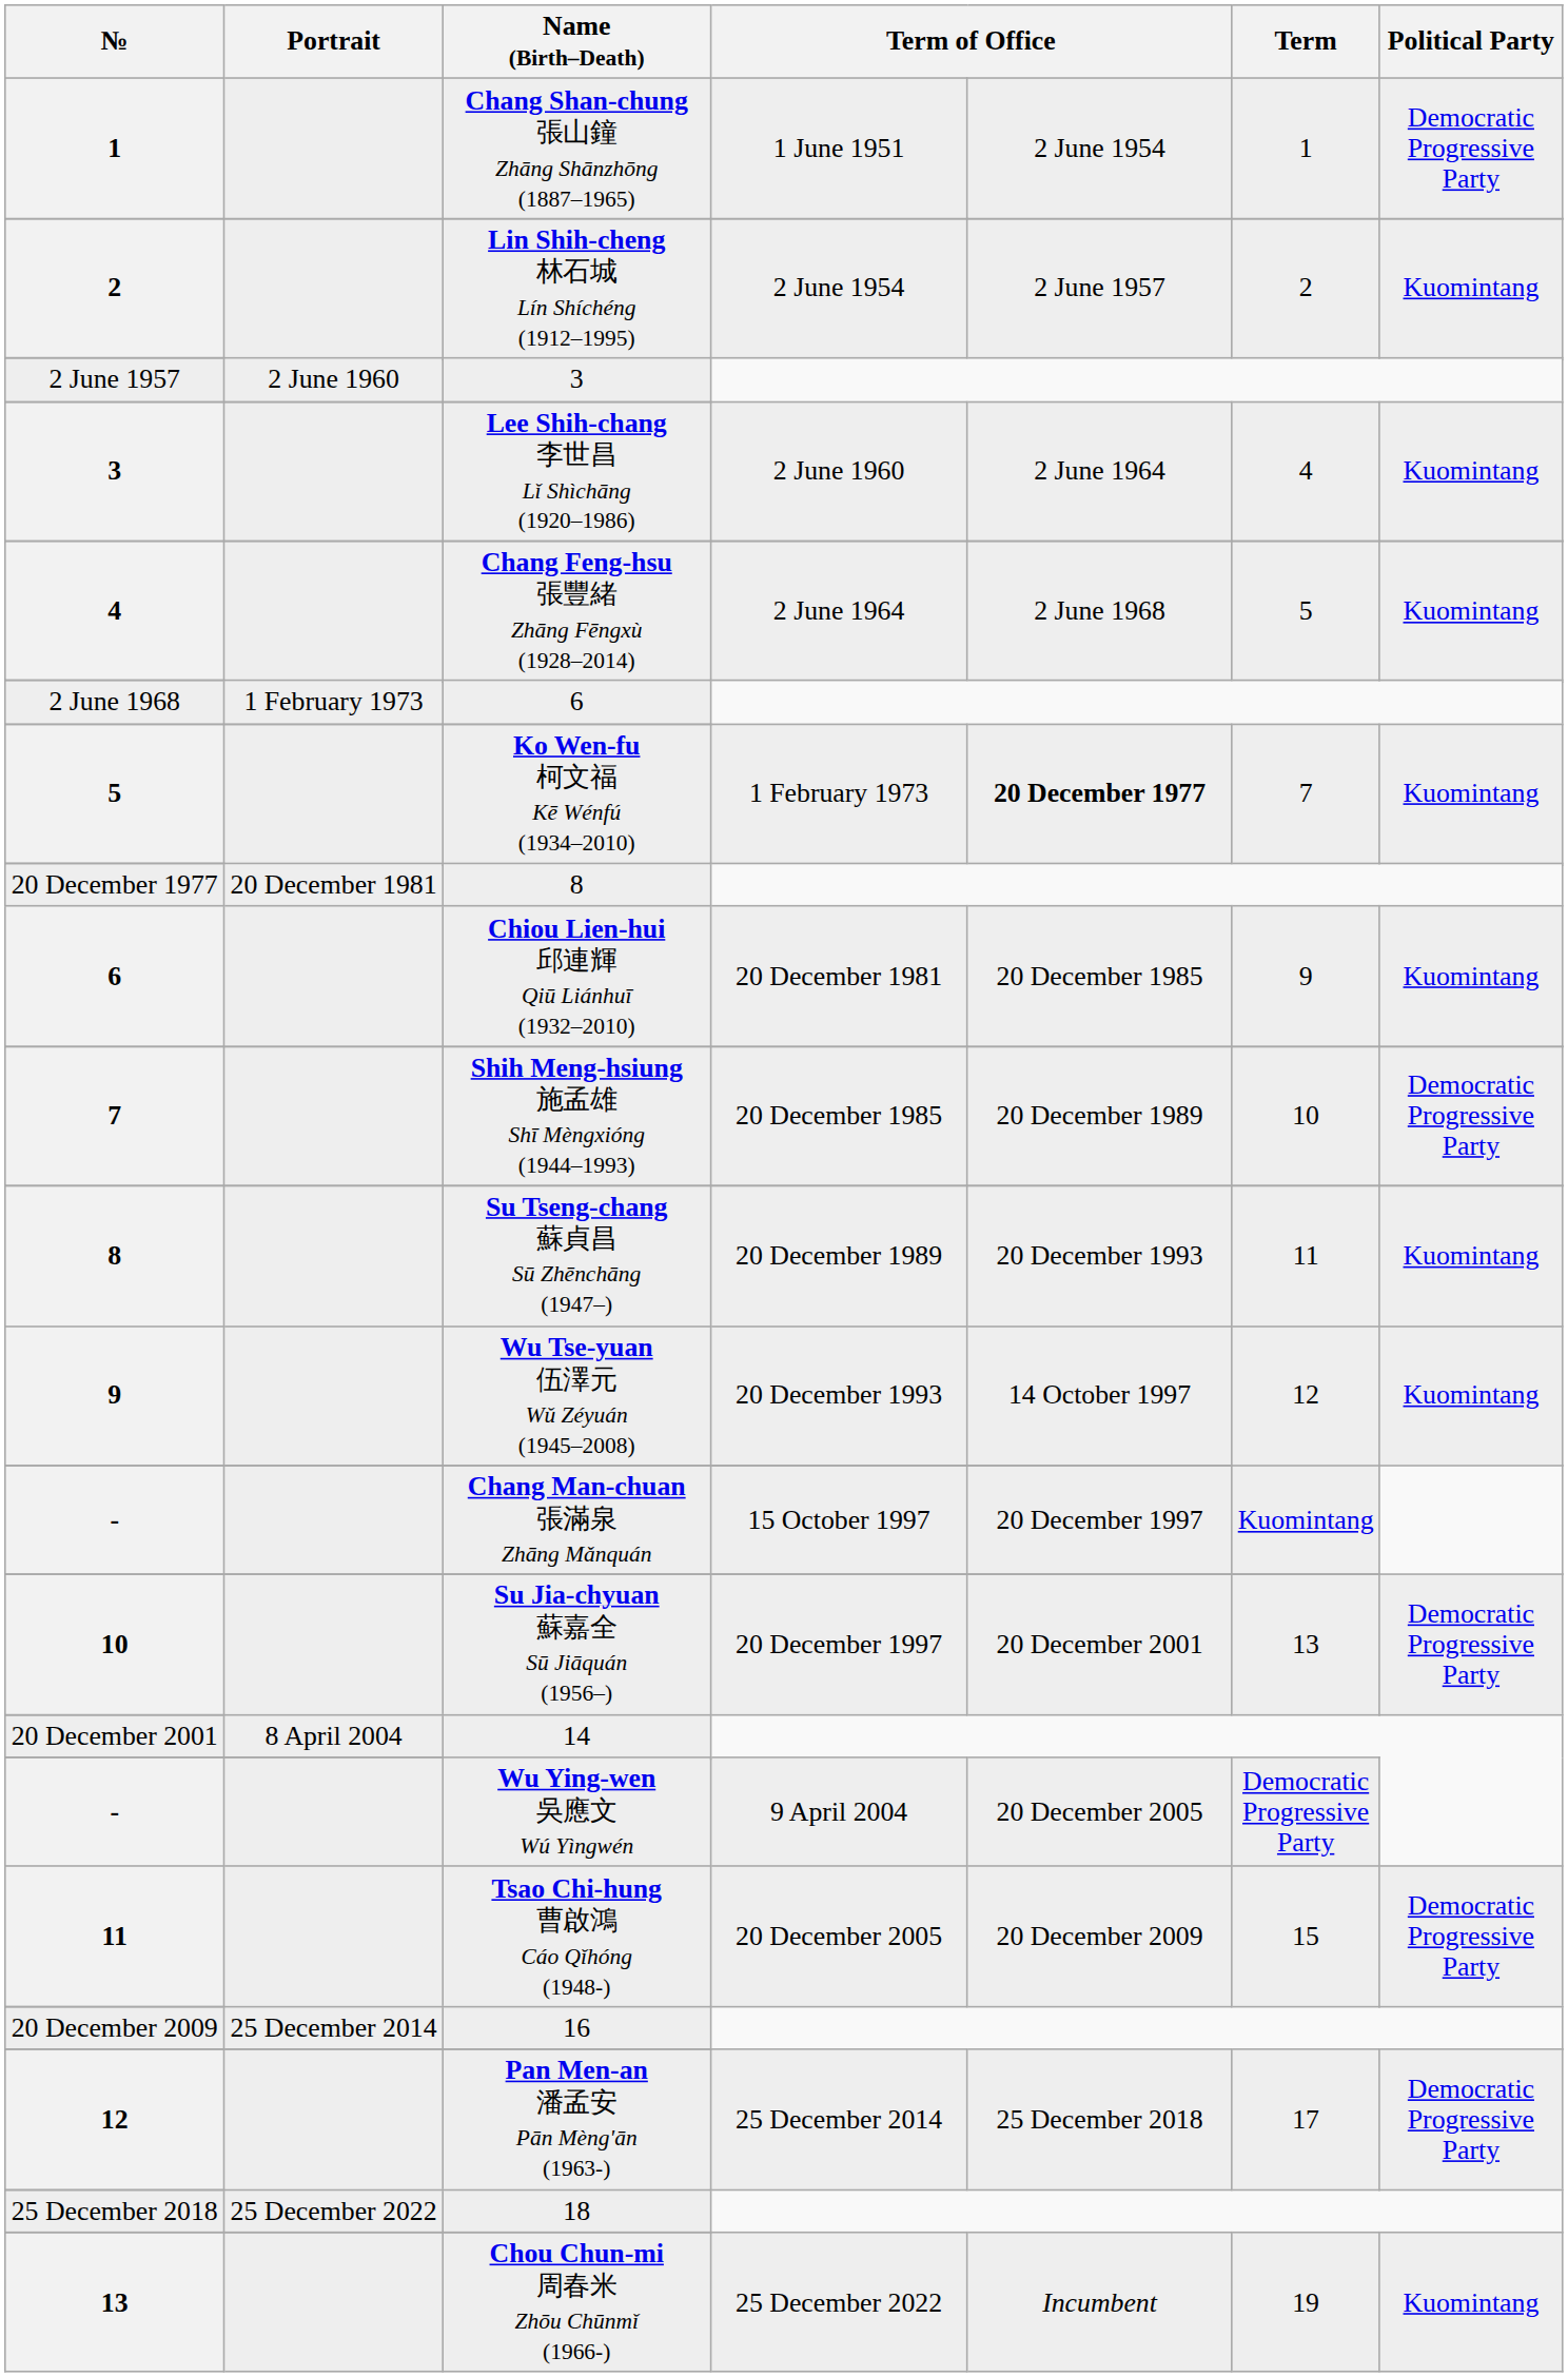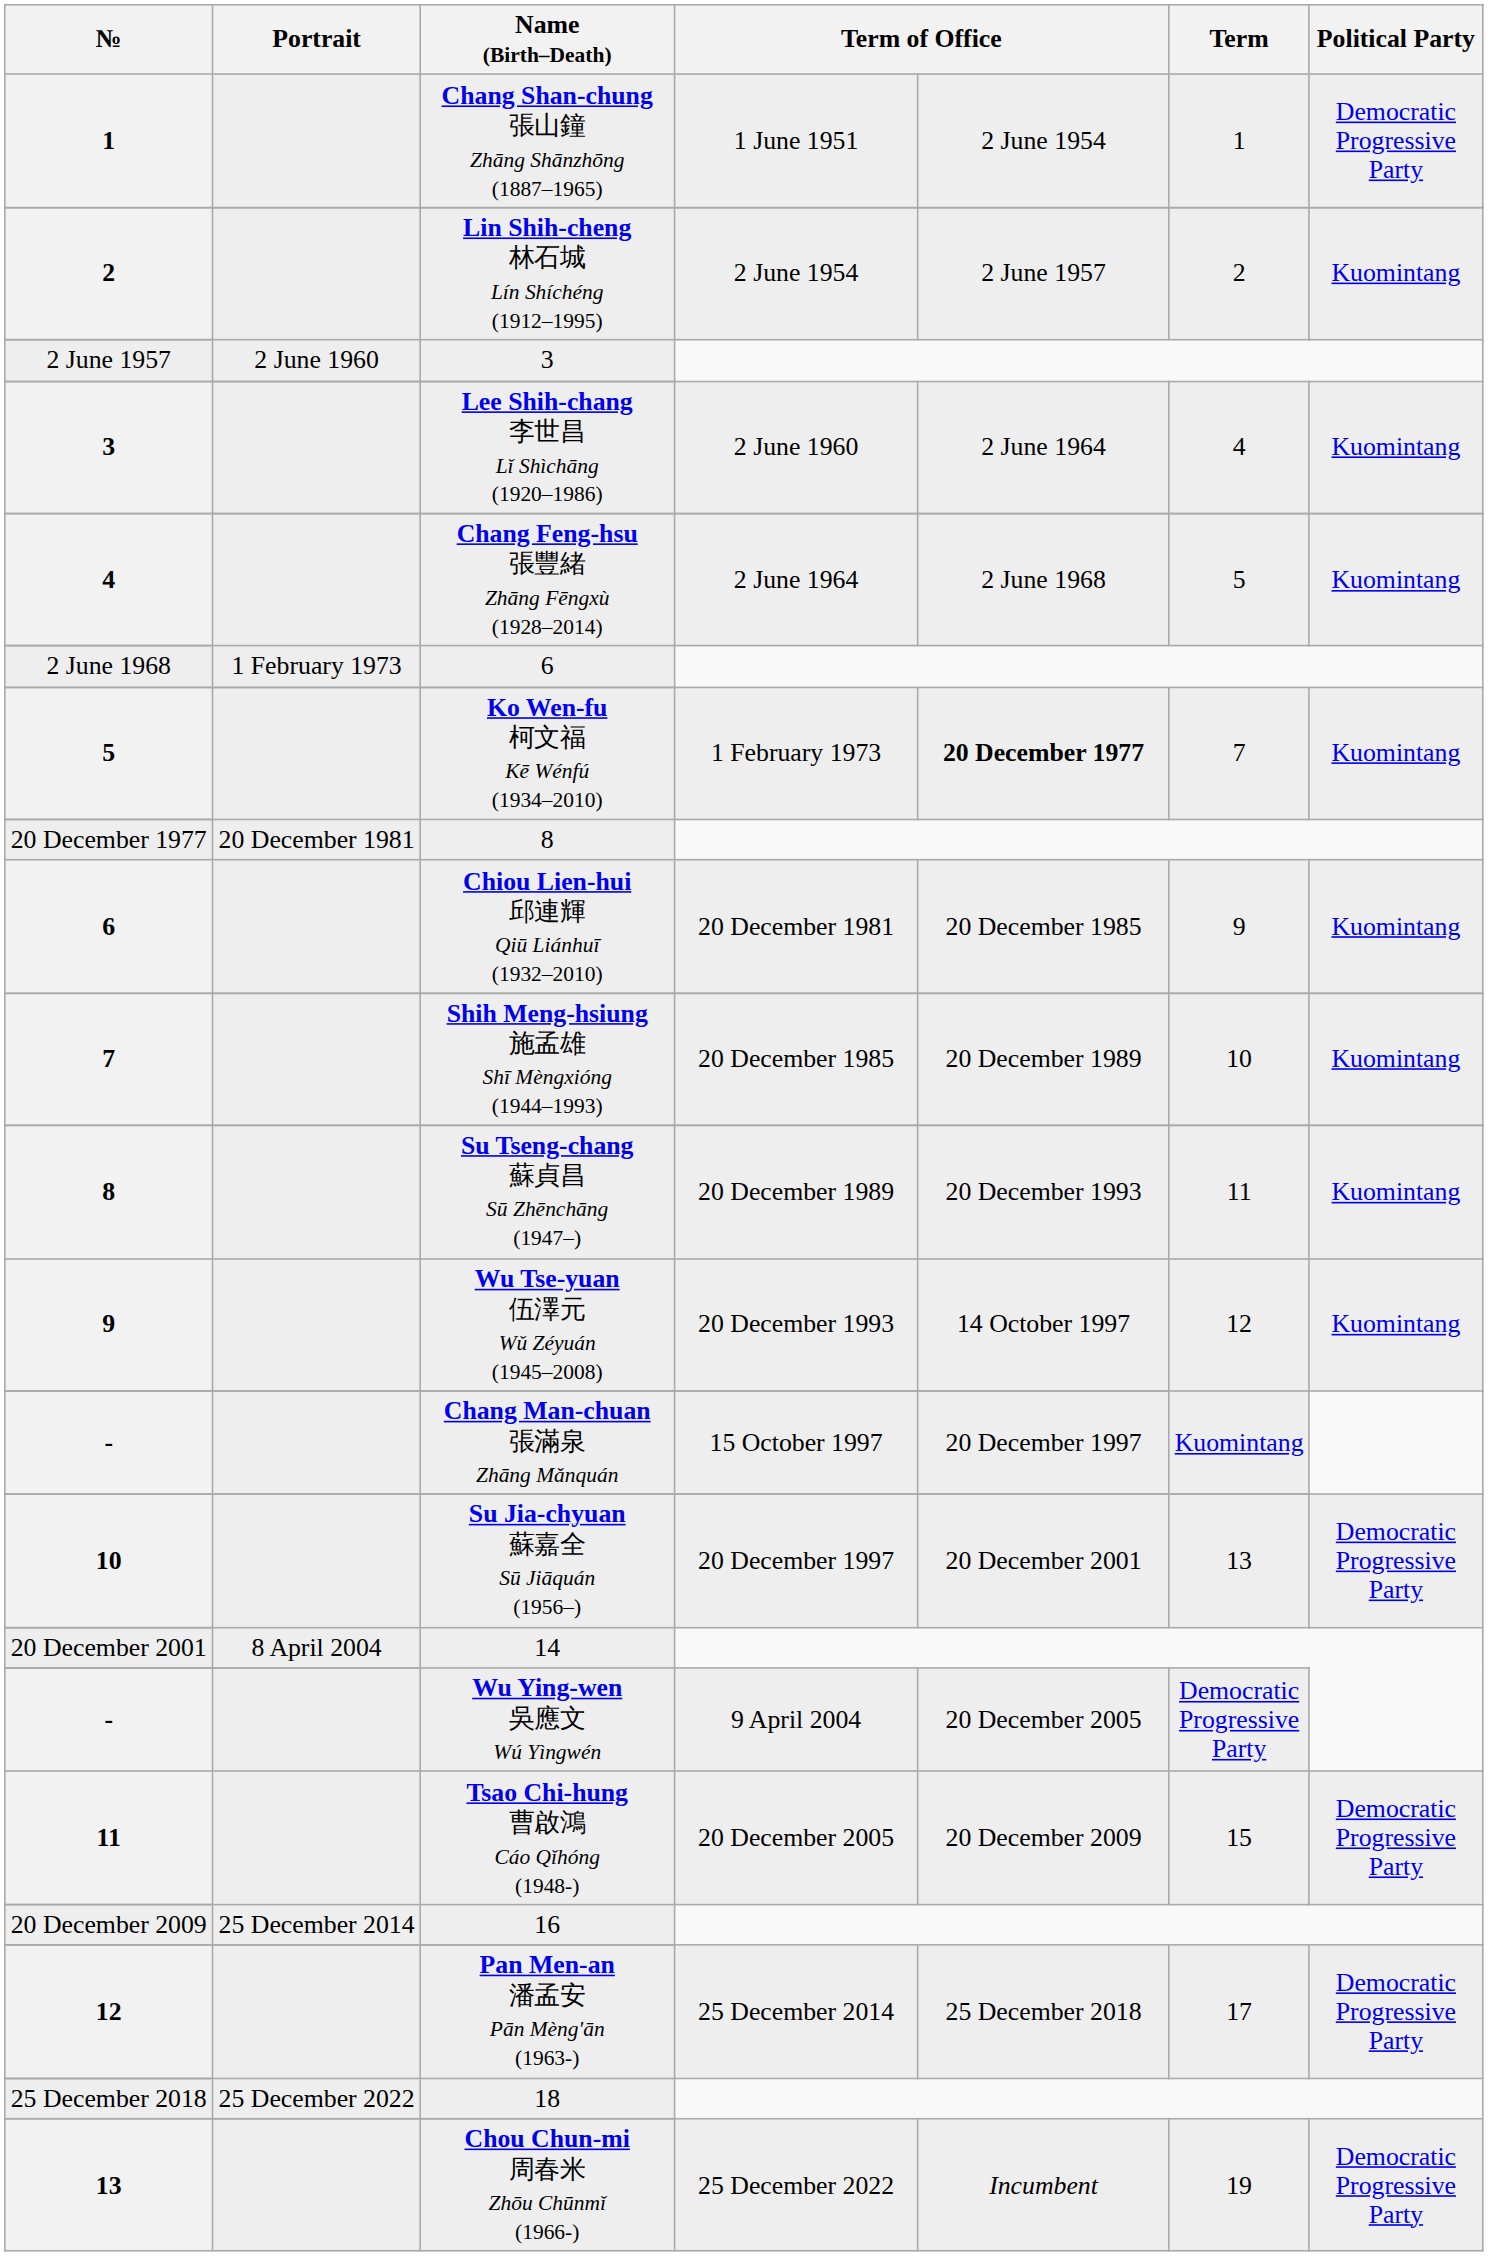 <table class="wikitable" style="text-align:center">
 <tr ->
 <th>№</th>
 <th>Portrait</th>
 <th width="150">Name<br><small>(Birth–Death)</small></th>
 <th colspan=2 width="300">Term of Office</th>
 <th width="50">Term</th>
 <th width = "100">Political Party</th>
 </tr>
 <tr - bgcolor=#EEEEEE>
 <th style="background:">1</th>
 <td></td>
 <td><strong><a href='#'>Chang Shan-chung</a></strong><br><span>張山鐘 </span><br><small><em>Zhāng Shānzhōng </em><br>(1887–1965)</small></td>
 <td>1 June 1951</td>
 <td>2 June 1954</td>
 <td>1</td>
 <td><a href='#'>Democratic Progressive Party</a></td>
 </tr>
 <tr ->
 </tr>
 <tr - bgcolor=#EEEEEE>
 <th style="background:">2</th>
 <td rowspan=2></td>
 <td rowspan=2><strong><a href='#'>Lin Shih-cheng</a></strong><br><span>林石城 </span><br><small><em>Lín Shíchéng </em><br>(1912–1995)</small></td>
 <td>2 June 1954</td>
 <td>2 June 1957</td>
 <td>2</td>
 <td rowspan=2><a href='#'>Kuomintang</a></td>
 </tr>
 <tr ->
 </tr>
 <tr - bgcolor=#EEEEEE>
 <td>2 June 1957</td>
 <td>2 June 1960</td>
 <td>3</td>
 </tr>
 <tr ->
 </tr>
 <tr - bgcolor=#EEEEEE>
 <th style="background:">3</th>
 <td></td>
 <td><strong><a href='#'>Lee Shih-chang</a></strong><br><span>李世昌 </span><br><small><em>Lǐ Shìchāng </em><br>(1920–1986)</small></td>
 <td>2 June 1960</td>
 <td>2 June 1964 </td>
 <td>4</td>
 <td><a href='#'>Kuomintang</a></td>
 </tr>
 <tr ->
 </tr>
 <tr - bgcolor=#EEEEEE>
 <th style="background:">4</th>
 <td rowspan=2></td>
 <td rowspan=2><strong><a href='#'>Chang Feng-hsu</a></strong> <br><span>張豐緒</span><br><small><em>Zhāng Fēngxù</em><br>(1928–2014)</small></td>
 <td>2 June 1964</td>
 <td>2 June 1968</td>
 <td>5</td>
 <td rowspan=2><a href='#'>Kuomintang</a></td>
 </tr>
 <tr ->
 </tr>
 <tr - bgcolor=#EEEEEE>
 <td>2 June 1968</td>
 <td>1 February 1973 </td>
 <td>6</td>
 </tr>
 <tr ->
 </tr>
 <tr - bgcolor=#EEEEEE>
 <th style="background:">5</th>
 <td rowspan=2></td>
 <td rowspan=2><strong><a href='#'>Ko Wen-fu</a></strong><br><span>柯文福 </span><br><small><em>Kē Wénfú </em></small><br><small>(1934–2010)</small></td>
 <td>1 February 1973</td>
 <td><strong>20 December 1977</strong></td>
 <td>7</td>
 <td rowspan=2><a href='#'>Kuomintang</a></td>
 </tr>
 <tr ->
 </tr>
 <tr - bgcolor=#EEEEEE>
 <td>20 December 1977</td>
 <td>20 December 1981</td>
 <td>8</td>
 </tr>
 <tr - bgcolor=#EEEEEE>
 <th style="background:">6</th>
 <td></td>
 <td><strong><a href='#'>Chiou Lien-hui</a></strong><br><span>邱連輝 </span><br><small><em>Qiū Liánhuī </em><br>(1932–2010)</small></td>
 <td>20 December 1981</td>
 <td>20 December 1985</td>
 <td>9</td>
 <td><a href='#'>Kuomintang</a></td>
 </tr>
 <tr ->
 </tr>
 <tr - bgcolor=#EEEEEE>
 <th style="background:">7</th>
 <td></td>
 <td><strong><a href='#'>Shih Meng-hsiung</a></strong><br><span>施孟雄 </span><br><small><em>Shī Mèngxióng </em><br>(1944–1993)</small></td>
 <td>20 December 1985</td>
 <td>20 December 1989</td>
 <td>10</td>
-<td><a href='#'>Democratic Progressive Party</a></td>
+<td><a href='#'>Kuomintang</a></td>
 </tr>
 <tr ->
 </tr>
 <tr - bgcolor=#EEEEEE>
 <th style="background:">8</th>
 <td></td>
 <td><strong><a href='#'>Su Tseng-chang</a></strong><br><span>蘇貞昌 </span><br><small><em> Sū Zhēnchāng</em><br>(1947–)</small></td>
 <td>20 December 1989</td>
 <td>20 December 1993</td>
 <td>11</td>
 <td><a href='#'>Kuomintang</a></td>
 </tr>
 <tr - bgcolor=#EEEEEE>
 <th style="background:">9</th>
 <td></td>
 <td><strong><a href='#'>Wu Tse-yuan</a></strong><br><span>伍澤元 </span><br><small><em>Wǔ Zéyuán </em><br>(1945–2008)</small></td>
 <td>20 December 1993</td>
 <td>14 October 1997</td>
 <td rowspan=2>12</td>
 <td><a href='#'>Kuomintang</a></td>
 </tr>
 <tr ->
 </tr>
 <tr - bgcolor=#EEEEEE>
 <th style="background:">-</th>
 <td></td>
 <td><strong><a href='#'>Chang Man-chuan</a></strong><br><span>張滿泉 </span><br><small><em>Zhāng Mǎnquán </em><br> </small></td>
 <td>15 October 1997</td>
 <td>20 December 1997</td>
 <td><a href='#'>Kuomintang</a></td>
 </tr>
 <tr ->
 </tr>
 <tr - bgcolor=#EEEEEE>
 <th style="background:">10</th>
 <td rowspan=2></td>
 <td rowspan=2><strong><a href='#'>Su Jia-chyuan</a></strong><br><span>蘇嘉全 </span><br><small><em>Sū Jiāquán </em><br>(1956–)</small></td>
 <td>20 December 1997</td>
 <td>20 December 2001</td>
 <td>13</td>
 <td rowspan=2><a href='#'>Democratic Progressive Party</a></td>
 </tr>
 <tr ->
 </tr>
 <tr - bgcolor=#EEEEEE>
 <td>20 December 2001</td>
 <td>8 April 2004</td>
 <td rowspan=2>14</td>
 </tr>
 <tr ->
 </tr>
 <tr - bgcolor=#EEEEEE>
 <th style="background:">-</th>
 <td></td>
 <td><strong><a href='#'>Wu Ying-wen</a></strong><br><span>吳應文 </span><br><small><em>Wú Yìngwén </em><br> </small></td>
 <td>9 April 2004</td>
 <td>20 December 2005</td>
 <td><a href='#'>Democratic Progressive Party</a></td>
 </tr>
 <tr - bgcolor=#EEEEEE>
 <th style="background:">11</th>
 <td rowspan=2></td>
 <td rowspan=2><strong><a href='#'>Tsao Chi-hung</a></strong><br><span>曹啟鴻 </span><br><small><em>Cáo Qǐhóng </em><br>(1948-)</small></td>
 <td>20 December 2005</td>
 <td>20 December 2009</td>
 <td>15</td>
 <td rowspan=2><a href='#'>Democratic Progressive Party</a></td>
 </tr>
 <tr ->
 </tr>
 <tr - bgcolor=#EEEEEE>
 <td>20 December 2009</td>
 <td>25 December 2014</td>
 <td>16</td>
 </tr>
 <tr ->
 </tr>
 <tr - bgcolor=#EEEEEE>
 <th style="background:">12</th>
 <td rowspan=2></td>
 <td rowspan=2><strong><a href='#'>Pan Men-an</a></strong><br><span>潘孟安 </span><br><small><em>Pān Mèng'ān </em><br>(1963-)</small></td>
 <td>25 December 2014</td>
 <td>25 December 2018</td>
 <td>17</td>
 <td rowspan=2><a href='#'>Democratic Progressive Party</a></td>
 </tr>
 <tr>
 </tr>
 <tr - bgcolor=#EEEEEE>
 <td>25 December 2018</td>
 <td>25 December 2022</td>
 <td>18</td>
 </tr>
 <tr>
 </tr>
 <tr - bgcolor=#EEEEEE>
 <th style="background:">13</th>
 <td></td>
 <td><strong><a href='#'>Chou Chun-mi</a></strong><br><span>周春米 </span><br><small><em>Zhōu Chūnmǐ </em><br>(1966-) </small></td>
 <td>25 December 2022</td>
 <td><em>Incumbent</em></td>
 <td>19</td>
-<td><a href='#'>Kuomintang</a></td>
+<td><a href='#'>Democratic Progressive Party</a></td>
 </tr>
 </table>
